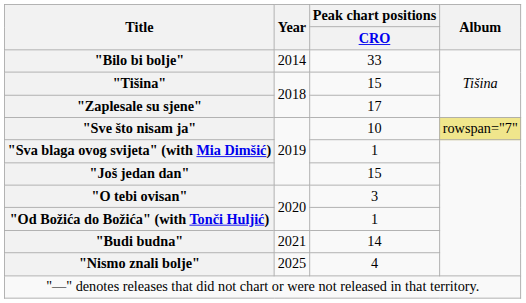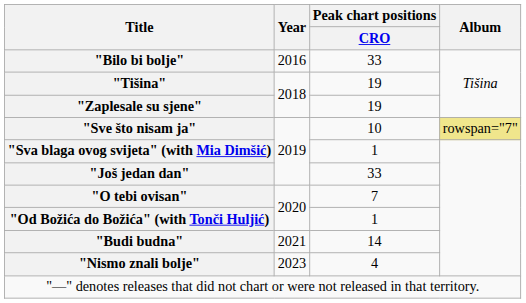 <table class="wikitable plainrowheaders" style="text-align:center;">
 <tr>
 <th scope="col" rowspan="2">Title</th>
 <th scope="col" rowspan="2">Year</th>
 <th scope="col" colspan="1">Peak chart positions</th>
 <th scope="col" rowspan="2">Album</th>
 </tr>
 <tr>
 <th scope="col"><a href='#'>CRO</a><br></th>
 </tr>
 <tr>
 <th scope="row">"Bilo bi bolje"</th>
-<td rowspan="1">2014</td>
+<td rowspan="1">2016</td>
 <td>33</td>
 <td rowspan="3"><em>Tišina</em></td>
 </tr>
 <tr>
 <th scope="row">"Tišina"</th>
 <td rowspan="2">2018</td>
-<td>15</td>
+<td>19</td>
 </tr>
 <tr>
 <th scope="row">"Zaplesale su sjene"</th>
-<td>17</td>
+<td>19</td>
 </tr>
 <tr>
 <th scope="row">"Sve što nisam ja"</th>
 <td rowspan="3">2019</td>
 <td>10</td>
 <td style="background: khaki;">rowspan="7" </td>
 </tr>
 <tr>
 <th scope="row">"Sva blaga ovog svijeta" <span>(with <a href='#'>Mia Dimšić</a>)</span></th>
 <td>1</td>
 </tr>
 <tr>
 <th scope="row">"Još jedan dan"</th>
-<td>15</td>
+<td>33</td>
 </tr>
 <tr>
 <th scope="row">"O tebi ovisan"</th>
 <td rowspan="2">2020</td>
-<td>3</td>
+<td>7</td>
 </tr>
 <tr>
 <th scope="row">"Od Božića do Božića" <span>(with <a href='#'>Tonči Huljić</a>)</span></th>
 <td>1</td>
 </tr>
 <tr>
 <th scope="row">"Budi budna"</th>
 <td>2021</td>
 <td>14</td>
 </tr>
 <tr>
 <th scope="row">"Nismo znali bolje"</th>
-<td>2025</td>
+<td>2023</td>
 <td>4</td>
 </tr>
 <tr>
 <td colspan="4">"—" denotes releases that did not chart or were not released in that territory.</td>
 </tr>
 </table>
